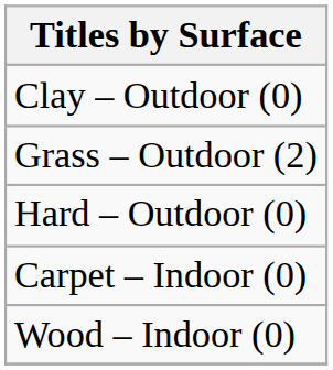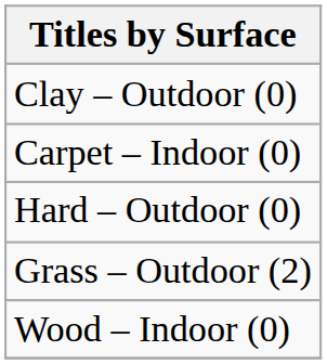 <table class="wikitable" style="display:inline-table;">
 <tr>
 <th>Titles by Surface</th>
 </tr>
 <tr>
 <td>Clay – Outdoor (0)</td>
 </tr>
 <tr>
-<td>Grass – Outdoor (2)</td>
+<td>Carpet – Indoor (0)</td>
 </tr>
 <tr>
 <td>Hard – Outdoor (0)</td>
 </tr>
 <tr>
-<td>Carpet – Indoor (0)</td>
+<td>Grass – Outdoor (2)</td>
 </tr>
 <tr>
 <td>Wood – Indoor (0)</td>
 </tr>
 <tr>
 </tr>
 </table>
